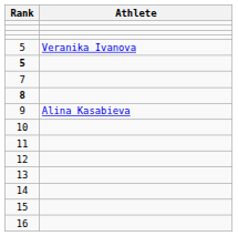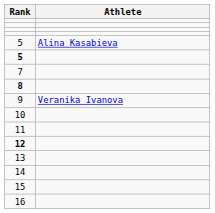 <table class="wikitable" style="text-align: center;">
 <tr>
 <th width=40>Rank</th>
 <th width=250>Athlete</th>
 </tr>
 <tr>
 <td></td>
 <td align="left"></td>
 </tr>
 <tr>
 <td></td>
 <td align="left"></td>
 </tr>
 <tr>
 <td></td>
 <td align="left"></td>
 </tr>
 <tr>
 <td></td>
 <td align="left"></td>
 </tr>
 <tr>
 <td>5</td>
-<td align="left"> <a href='#'>Veranika Ivanova</a> </td>
+<td align="left"> <a href='#'>Alina Kasabieva</a> </td>
 </tr>
 <tr>
 <td><strong>5</strong></td>
 <td align="left"></td>
 </tr>
 <tr>
 <td>7</td>
 <td align="left"></td>
 </tr>
 <tr>
 <td><strong>8</strong></td>
 <td align="left"></td>
 </tr>
 <tr>
 <td>9</td>
-<td align="left"> <a href='#'>Alina Kasabieva</a> </td>
+<td align="left"> <a href='#'>Veranika Ivanova</a> </td>
 </tr>
 <tr>
 <td>10</td>
 <td align="left"></td>
 </tr>
 <tr>
 <td>11</td>
 <td align="left"></td>
 </tr>
 <tr>
-<td>12</td>
+<td><strong>12</strong></td>
 <td align="left"></td>
 </tr>
 <tr>
 <td>13</td>
 <td align="left"></td>
 </tr>
 <tr>
 <td>14</td>
 <td align="left"></td>
 </tr>
 <tr>
 <td>15</td>
 <td align="left"></td>
 </tr>
 <tr>
 <td>16</td>
 <td align="left"></td>
 </tr>
 </table>
